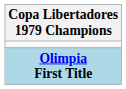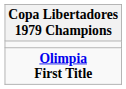 <table class="wikitable" style="text-align: center; margin: 0 auto;">
 <tr>
 <th>Copa Libertadores<br>1979 Champions</th>
 </tr>
 <tr>
 <td></td>
 </tr>
 <tr>
-<td style="background: lightblue;"><strong><a href='#'>Olimpia</a></strong><br><strong>First Title</strong></td>
+<td><strong><a href='#'>Olimpia</a></strong><br><strong>First Title</strong></td>
 </tr>
 </table>
